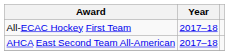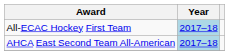 <table class="wikitable">
 <tr>
 <th>Award</th>
 <th>Year</th>
 <th></th>
 </tr>
 <tr>
 <td>All-<a href='#'>ECAC Hockey</a> <a href='#'>First Team</a></td>
-<td><a href='#'>2017–18</a></td>
+<td style="background: lightblue;"><a href='#'>2017–18</a></td>
 <td></td>
 </tr>
 <tr>
 <td><a href='#'>AHCA</a> <a href='#'>East Second Team All-American</a></td>
-<td><a href='#'>2017–18</a></td>
+<td style="background: lightblue;"><a href='#'>2017–18</a></td>
 <td></td>
 </tr>
 <tr>
 </tr>
 </table>
